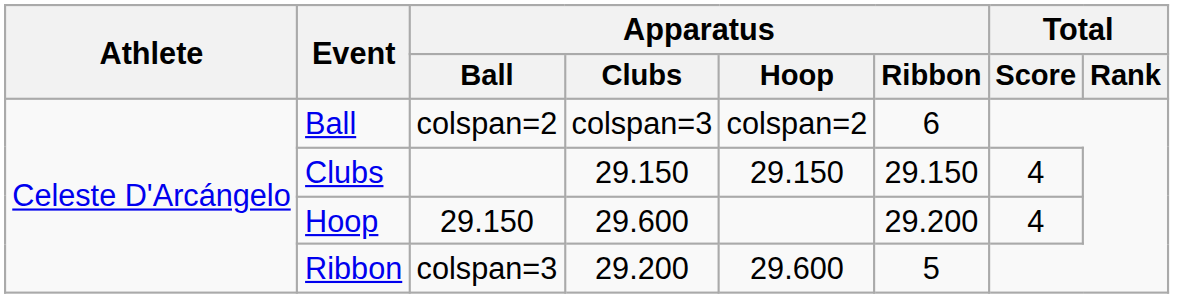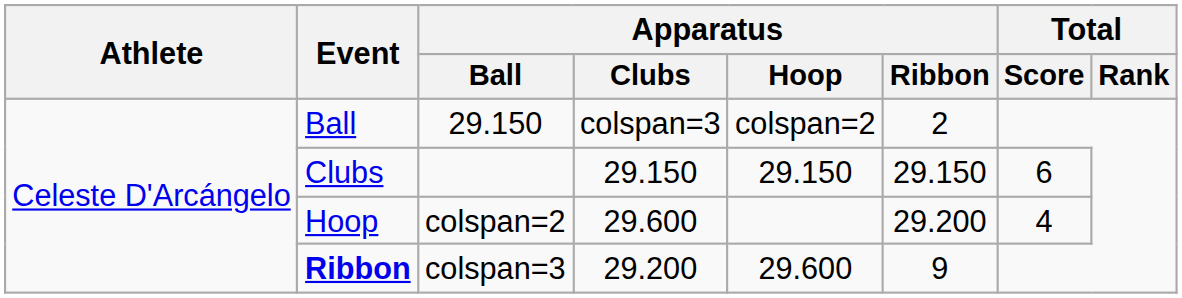 <table class=wikitable style=font-size:90%;text-align:center>
 <tr>
 <th rowspan=2>Athlete</th>
 <th rowspan=2>Event</th>
 <th colspan=4>Apparatus</th>
 <th colspan=2>Total</th>
 </tr>
 <tr style=font-size:95%>
 <th>Ball</th>
 <th>Clubs</th>
 <th>Hoop</th>
 <th>Ribbon</th>
 <th>Score</th>
 <th>Rank</th>
 </tr>
 <tr>
 <td align=left rowspan=4><a href='#'>Celeste D'Arcángelo</a></td>
 <td align=left><a href='#'>Ball</a></td>
-<td>colspan=2 </td>
+<td>29.150</td>
 <td>colspan=3 </td>
 <td>colspan=2 </td>
-<td>6</td>
+<td>2</td>
 </tr>
 <tr>
 <td align=left><a href='#'>Clubs</a></td>
 <td></td>
 <td>29.150</td>
 <td>29.150</td>
 <td>29.150</td>
-<td>4</td>
+<td>6</td>
 </tr>
 <tr>
 <td align=left><a href='#'>Hoop</a></td>
-<td>29.150</td>
+<td>colspan=2 </td>
 <td>29.600</td>
 <td></td>
 <td>29.200</td>
 <td>4</td>
 </tr>
 <tr>
-<td align=left><a href='#'>Ribbon</a></td>
+<td align=left><strong><a href='#'>Ribbon</a></strong></td>
 <td>colspan=3 </td>
 <td>29.200</td>
 <td>29.600</td>
-<td>5</td>
+<td>9</td>
 </tr>
 </table>
